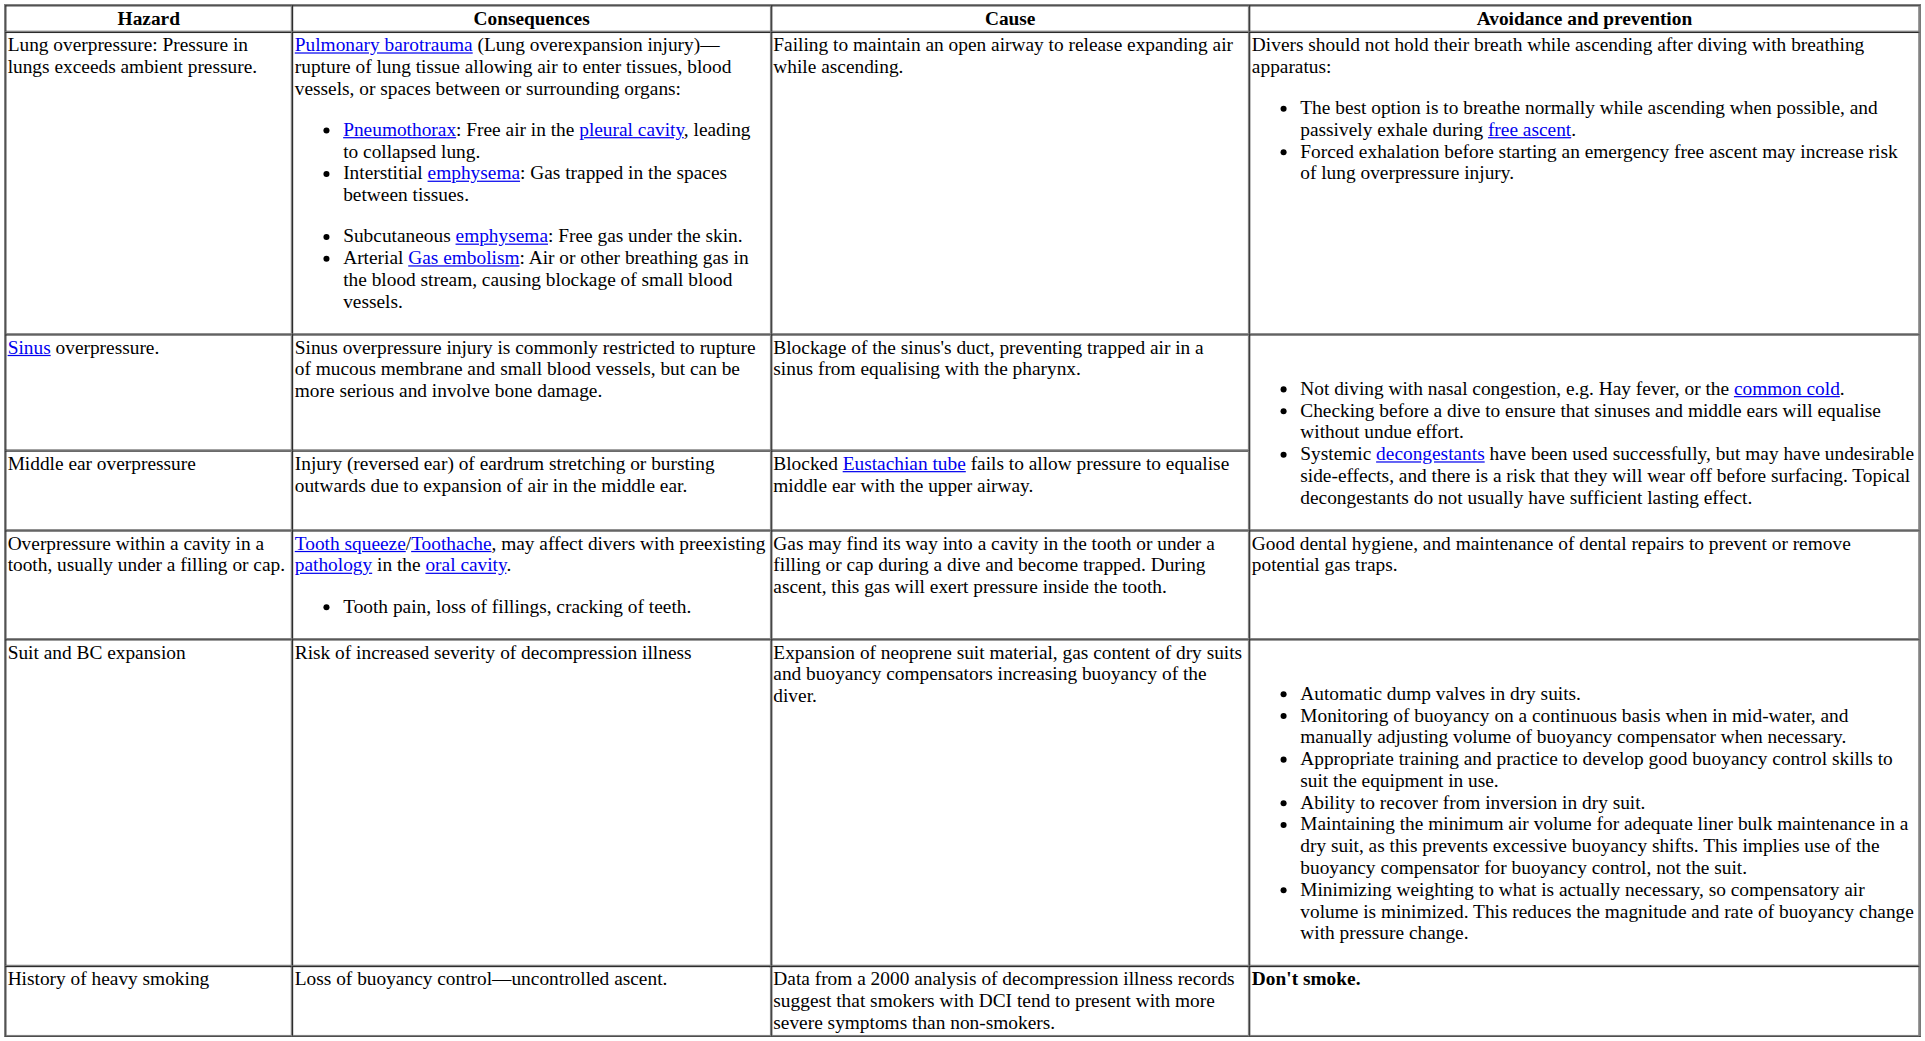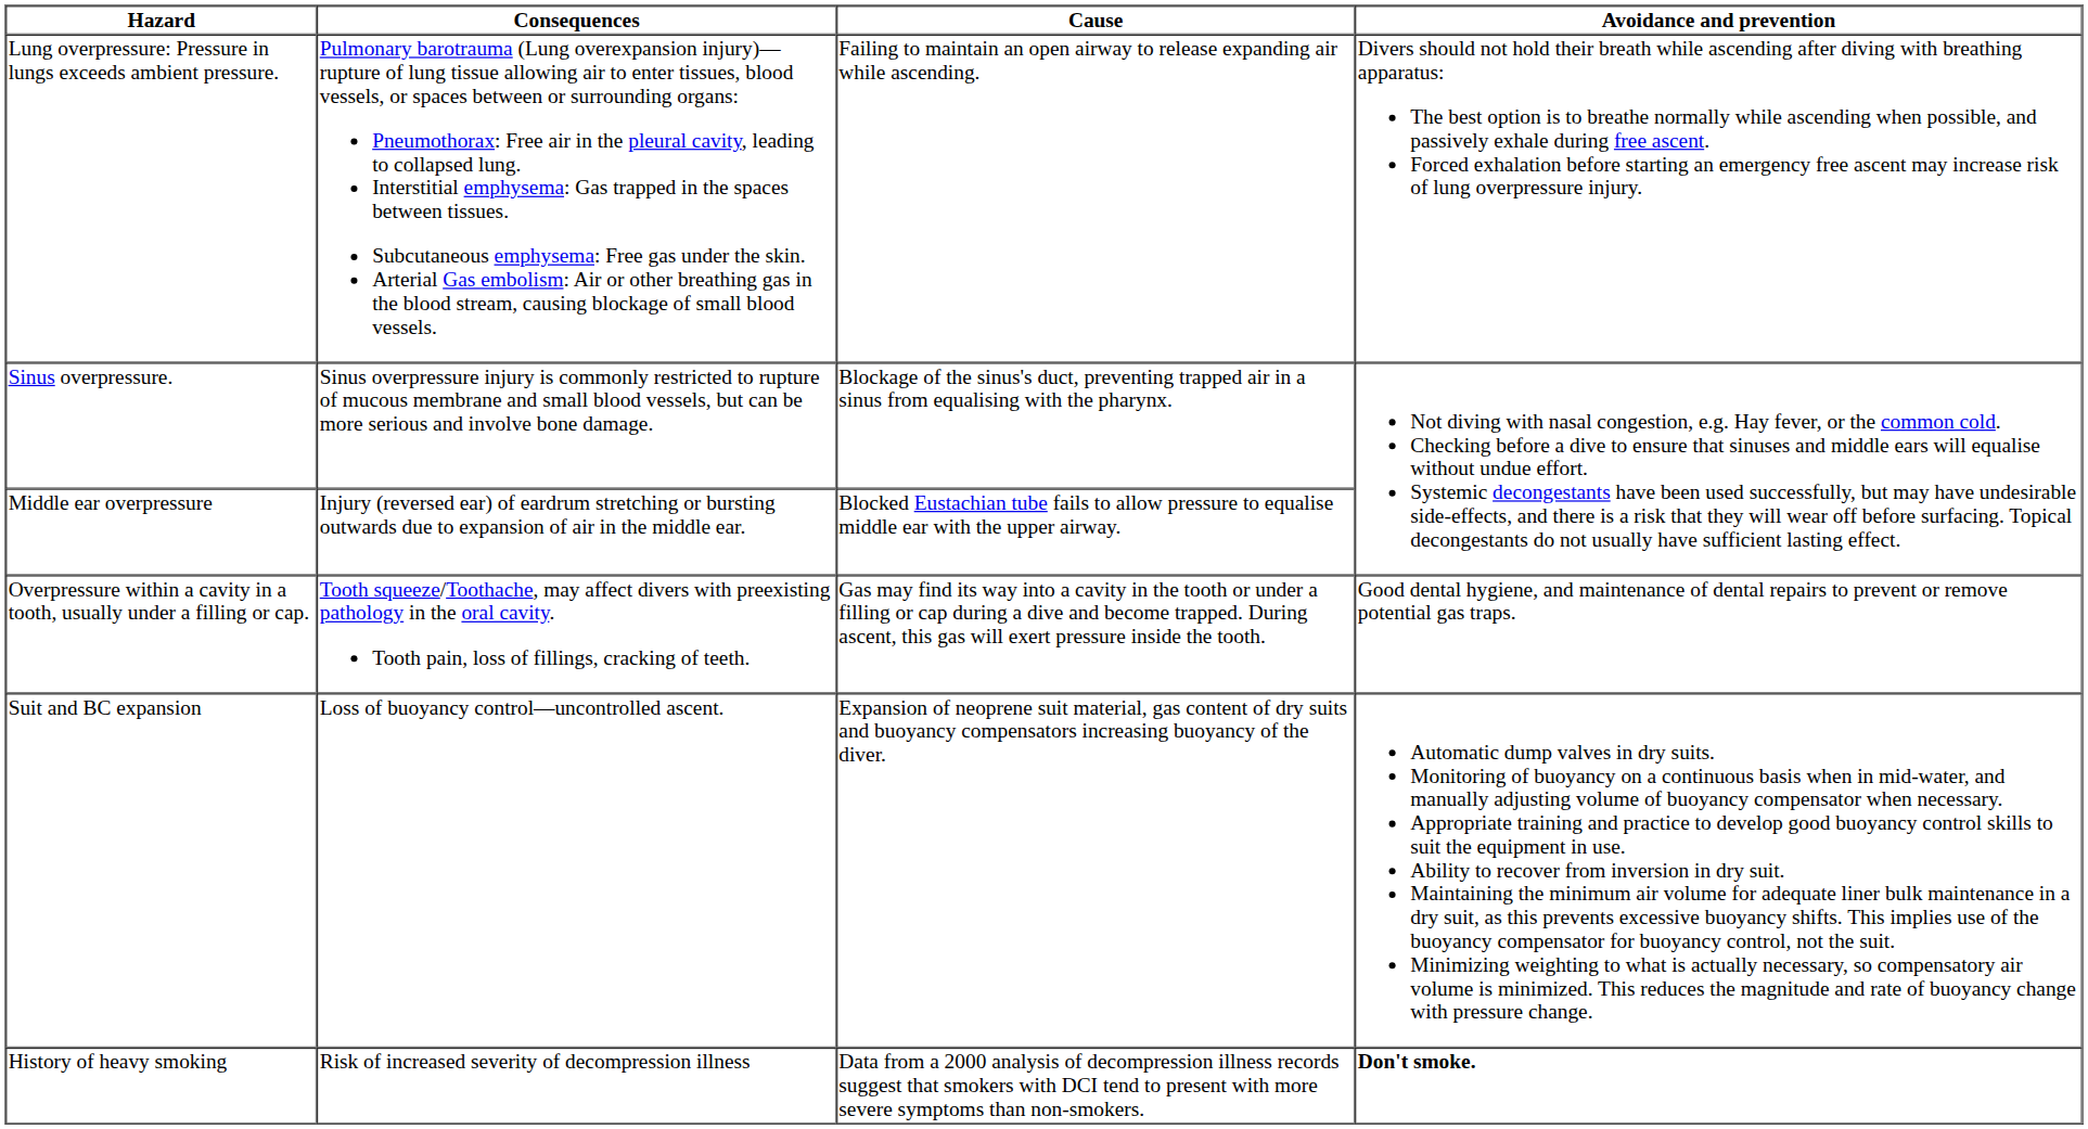 <table cellspacing="0" border="1" bgcolor="white">
 <tr>
 <th scope="col" width="15%">Hazard</th>
 <th scope="col" width="25%">Consequences</th>
 <th scope="col" width="25%">Cause</th>
 <th scope="col" width="35%">Avoidance and prevention</th>
 </tr>
 <tr valign="top">
 <td>Lung overpressure: Pressure in lungs exceeds ambient pressure.</td>
 <td><a href='#'>Pulmonary barotrauma</a> (Lung overexpansion injury)—rupture of lung tissue allowing air to enter tissues, blood vessels, or spaces between or surrounding organs:<br><ul><li><a href='#'>Pneumothorax</a>: Free air in the <a href='#'>pleural cavity</a>, leading to collapsed lung.</li><li>Interstitial <a href='#'>emphysema</a>: Gas trapped in the spaces between tissues.</li></ul><ul><li>Subcutaneous <a href='#'>emphysema</a>: Free gas under the skin.</li><li>Arterial <a href='#'>Gas embolism</a>: Air or other breathing gas in the blood stream, causing blockage of small blood vessels.</li></ul></td>
 <td>Failing to maintain an open airway to release expanding air while ascending.</td>
 <td>Divers should not hold their breath while ascending after diving with breathing apparatus:<br><ul><li>The best option is to breathe normally while ascending when possible, and passively exhale during <a href='#'>free ascent</a>.</li><li>Forced exhalation before starting an emergency free ascent may increase risk of lung overpressure injury.</li></ul></td>
 </tr>
 <tr valign="top">
 <td><a href='#'>Sinus</a> overpressure.</td>
 <td>Sinus overpressure injury is commonly restricted to rupture of mucous membrane and small blood vessels, but can be more serious and involve bone damage.</td>
 <td>Blockage of the sinus's duct, preventing trapped air in a sinus from equalising with the pharynx.</td>
 <td rowspan="2"><br><ul><li>Not diving with nasal congestion, e.g. Hay fever, or the <a href='#'>common cold</a>.</li><li>Checking before a dive to ensure that sinuses and middle ears will equalise without undue effort.</li><li>Systemic <a href='#'>decongestants</a> have been used successfully, but may have undesirable side-effects, and there is a risk that they will wear off before surfacing. Topical decongestants do not usually have sufficient lasting effect.</li></ul></td>
 </tr>
 <tr valign="top">
 <td>Middle ear overpressure</td>
 <td>Injury (reversed ear) of eardrum stretching or bursting outwards due to expansion of air in the middle ear.</td>
 <td>Blocked <a href='#'>Eustachian tube</a> fails to allow pressure to equalise middle ear with the upper airway.</td>
 </tr>
 <tr valign="top">
 <td>Overpressure within a cavity in a tooth, usually under a filling or cap.</td>
 <td><a href='#'>Tooth squeeze</a>/<a href='#'>Toothache</a>, may affect divers with preexisting <a href='#'>pathology</a> in the <a href='#'>oral cavity</a>.<br><ul><li>Tooth pain, loss of fillings, cracking of teeth.</li></ul></td>
 <td>Gas may find its way into a cavity in the tooth or under a filling or cap during a dive and become trapped. During ascent, this gas will exert pressure inside the tooth.</td>
 <td>Good dental hygiene, and maintenance of dental repairs to prevent or remove potential gas traps.</td>
 </tr>
 <tr valign="top">
 <td>Suit and BC expansion</td>
-<td>Risk of increased severity of decompression illness</td>
+<td>Loss of buoyancy control—uncontrolled ascent.</td>
 <td>Expansion of neoprene suit material, gas content of dry suits and buoyancy compensators increasing buoyancy of the diver.</td>
 <td><br><ul><li>Automatic dump valves in dry suits.</li><li>Monitoring of buoyancy on a continuous basis when in mid-water, and manually adjusting volume of buoyancy compensator when necessary.</li><li>Appropriate training and practice to develop good buoyancy control skills to suit the equipment in use.</li><li>Ability to recover from inversion in dry suit.</li><li>Maintaining the minimum air volume for adequate liner bulk maintenance in a dry suit, as this prevents excessive buoyancy shifts. This implies use of the buoyancy compensator for buoyancy control, not the suit.</li><li>Minimizing weighting to what is actually necessary, so compensatory air volume is minimized. This reduces the magnitude and rate of buoyancy change with pressure change.</li></ul></td>
 </tr>
 <tr valign="top">
 <td>History of heavy smoking</td>
-<td>Loss of buoyancy control—uncontrolled ascent.</td>
+<td>Risk of increased severity of decompression illness</td>
 <td>Data from a 2000 analysis of decompression illness records suggest that smokers with DCI tend to present with more severe symptoms than non-smokers.</td>
 <td><strong>Don't smoke.</strong></td>
 </tr>
 </table>
